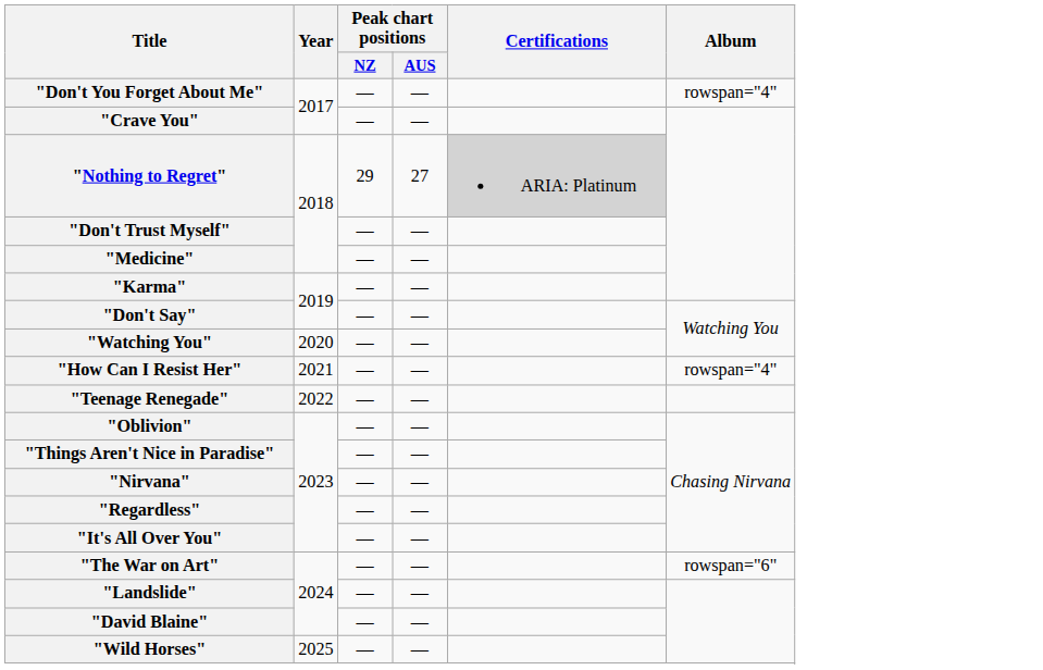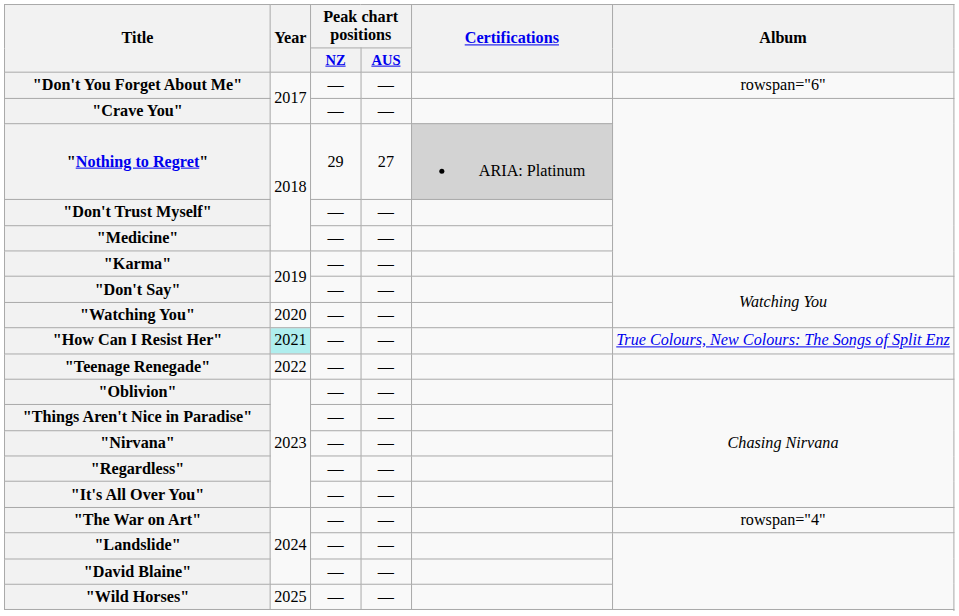 <table class="wikitable plainrowheaders" style="text-align:center;" border="1">
 <tr>
 <th scope="col" rowspan="2" style="width:16em;">Title</th>
 <th scope="col" rowspan="2">Year</th>
 <th scope="col" colspan="2">Peak chart positions</th>
 <th scope="col" rowspan="2" style="width:12em;"><a href='#'>Certifications</a></th>
 <th scope="col" rowspan="2">Album</th>
 </tr>
 <tr>
 <th scope="col" style="width:3em;font-size:90%;"><a href='#'>NZ</a><br></th>
 <th scope="col" style="width:3em;font-size:90%;"><a href='#'>AUS</a><br></th>
 </tr>
 <tr>
 <th scope="row">"Don't You Forget About Me"</th>
 <td rowspan="2">2017</td>
 <td>—</td>
 <td>—</td>
 <td></td>
-<td>rowspan="4" </td>
+<td>rowspan="6" </td>
 </tr>
 <tr>
 <th scope="row">"Crave You"</th>
 <td>—</td>
 <td>—</td>
 <td></td>
 </tr>
 <tr>
 <th scope="row">"<a href='#'>Nothing to Regret</a>"</th>
 <td rowspan="3">2018</td>
 <td>29</td>
 <td>27</td>
 <td style="background: lightgrey;"><br><ul><li>ARIA: Platinum</li></ul></td>
 </tr>
 <tr>
 <th scope="row">"Don't Trust Myself"</th>
 <td>—</td>
 <td>—</td>
 <td></td>
 </tr>
 <tr>
 <th scope="row">"Medicine"</th>
 <td>—</td>
 <td>—</td>
 <td></td>
 </tr>
 <tr>
 <th scope="row">"Karma"</th>
 <td rowspan="2">2019</td>
 <td>—</td>
 <td>—</td>
 <td></td>
 </tr>
 <tr>
 <th scope="row">"Don't Say"</th>
 <td>—</td>
 <td>—</td>
 <td></td>
 <td rowspan="2"><em>Watching You</em></td>
 </tr>
 <tr>
 <th scope="row">"Watching You"</th>
 <td>2020</td>
 <td>—</td>
 <td>—</td>
 <td></td>
 </tr>
 <tr>
 <th scope="row">"How Can I Resist Her"</th>
-<td>2021</td>
+<td style="background: paleturquoise;">2021</td>
 <td>—</td>
 <td>—</td>
 <td></td>
-<td>rowspan="4" </td>
+<td><em><a href='#'>True Colours, New Colours: The Songs of Split Enz</a></em></td>
 </tr>
 <tr>
 <th scope="row">"Teenage Renegade"</th>
 <td>2022</td>
 <td>—</td>
 <td>—</td>
 <td></td>
 <td></td>
 </tr>
 <tr>
 <th scope="row">"Oblivion"</th>
 <td rowspan="5">2023</td>
 <td>—</td>
 <td>—</td>
 <td></td>
 <td rowspan="5"><em>Chasing Nirvana</em></td>
 </tr>
 <tr>
 <th scope="row">"Things Aren't Nice in Paradise"</th>
 <td>—</td>
 <td>—</td>
 <td></td>
 </tr>
 <tr>
 <th scope="row">"Nirvana"</th>
 <td>—</td>
 <td>—</td>
 <td></td>
 </tr>
 <tr>
 <th scope="row">"Regardless"</th>
 <td>—</td>
 <td>—</td>
 <td></td>
 </tr>
 <tr>
 <th scope="row">"It's All Over You"</th>
 <td>—</td>
 <td>—</td>
 <td></td>
 </tr>
 <tr>
 <th scope="row">"The War on Art"</th>
 <td rowspan="3">2024</td>
 <td>—</td>
 <td>—</td>
 <td></td>
-<td>rowspan="6" </td>
+<td>rowspan="4" </td>
 </tr>
 <tr>
 <th scope="row">"Landslide"</th>
 <td>—</td>
 <td>—</td>
 <td></td>
 </tr>
 <tr>
 <th scope="row">"David Blaine"</th>
 <td>—</td>
 <td>—</td>
 <td></td>
 </tr>
 <tr>
 <th scope="row">"Wild Horses"</th>
 <td rowspan="1">2025</td>
 <td>—</td>
 <td>—</td>
 <td></td>
 </tr>
 <tr>
 </tr>
 </table>
